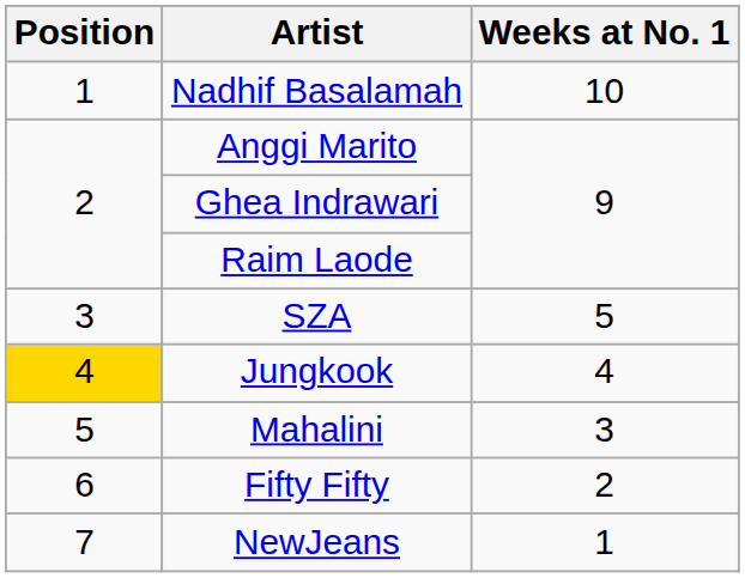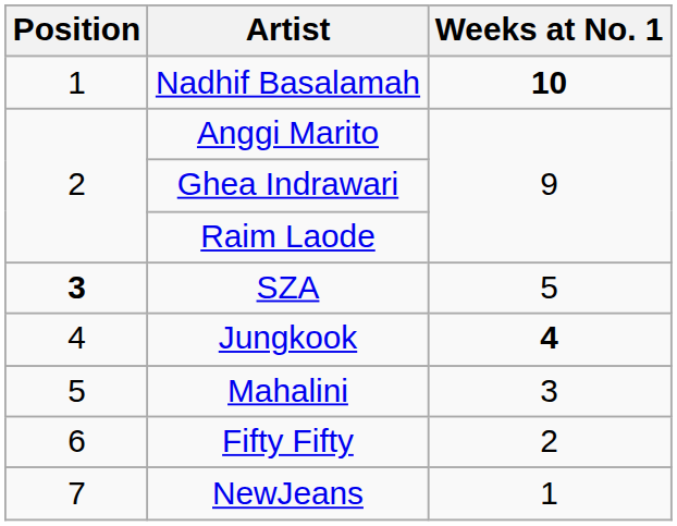 <table class="wikitable plainrowheaders" style="text-align:center;">
 <tr>
 <th scope="col">Position</th>
 <th scope="col">Artist</th>
 <th scope="col">Weeks at No. 1</th>
 </tr>
 <tr>
 <td>1</td>
 <td><a href='#'>Nadhif Basalamah</a></td>
-<td>10</td>
+<td><strong>10</strong></td>
 </tr>
 <tr>
 <td rowspan="3">2</td>
 <td><a href='#'>Anggi Marito</a></td>
 <td rowspan="3">9</td>
 </tr>
 <tr>
 <td><a href='#'>Ghea Indrawari</a></td>
 </tr>
 <tr>
 <td><a href='#'>Raim Laode</a></td>
 </tr>
 <tr>
-<td>3</td>
+<td><strong>3</strong></td>
 <td><a href='#'>SZA</a></td>
 <td>5</td>
 </tr>
 <tr>
-<td style="background: gold;">4</td>
+<td>4</td>
 <td><a href='#'>Jungkook</a></td>
-<td>4</td>
+<td><strong>4</strong></td>
 </tr>
 <tr>
 <td>5</td>
 <td><a href='#'>Mahalini</a></td>
 <td>3</td>
 </tr>
 <tr>
 <td>6</td>
 <td><a href='#'>Fifty Fifty</a></td>
 <td>2</td>
 </tr>
 <tr>
 <td>7</td>
 <td><a href='#'>NewJeans</a></td>
 <td>1</td>
 </tr>
 </table>
